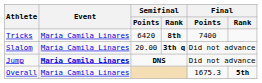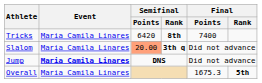 <table class=wikitable style="font-size:90%">
 <tr>
 <th rowspan=2>Athlete</th>
 <th rowspan=2>Event</th>
 <th colspan=2>Semifinal</th>
 <th colspan=2>Final</th>
 </tr>
 <tr>
 <th>Points</th>
 <th>Rank</th>
 <th>Points</th>
 <th>Rank</th>
 </tr>
 <tr>
 <td><a href='#'>Tricks</a></td>
 <td><a href='#'>Maria Camila Linares</a></td>
 <td align=center>6420</td>
 <td align=center><strong>8th</strong></td>
 <td align=center>7400</td>
 <td align=center></td>
 </tr>
 <tr>
 <td><a href='#'>Slalom</a></td>
 <td><a href='#'>Maria Camila Linares</a></td>
-<td align=center>20.00</td>
+<td align=center style="background: lightsalmon;">20.00</td>
 <td align=center><strong>3th q</strong></td>
 <td align="center" colspan="7">Did not advance</td>
 </tr>
 <tr>
 <td><a href='#'>Jump</a></td>
 <td><strong><a href='#'>Maria Camila Linares</a></strong></td>
 <td align="center" colspan=2><strong>DNS</strong></td>
 <td align="center" colspan="7">Did not advance</td>
 </tr>
 <tr>
 <td><a href='#'>Overall</a></td>
 <td><a href='#'>Maria Camila Linares</a></td>
 <td colspan=2 bgcolor=wheat></td>
 <td align=center>1675.3</td>
 <td align=center><strong>5th</strong></td>
 </tr>
 </table>
